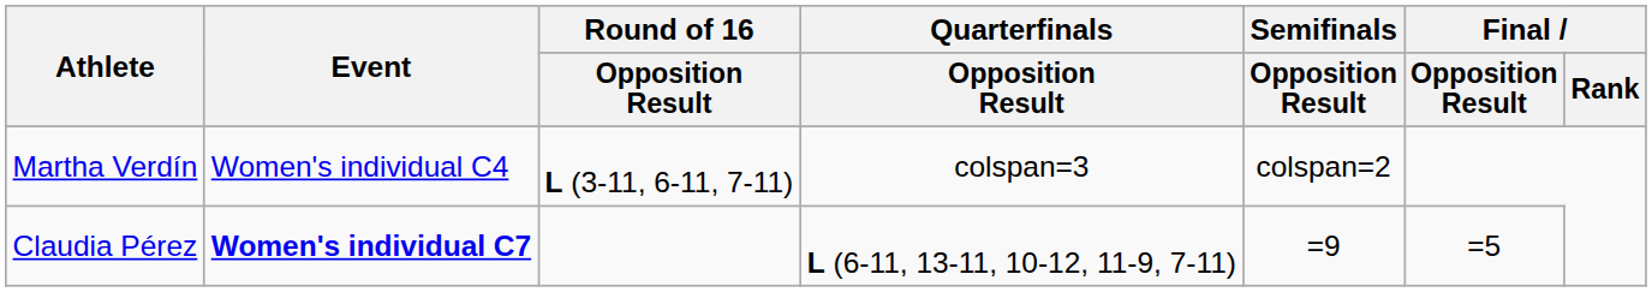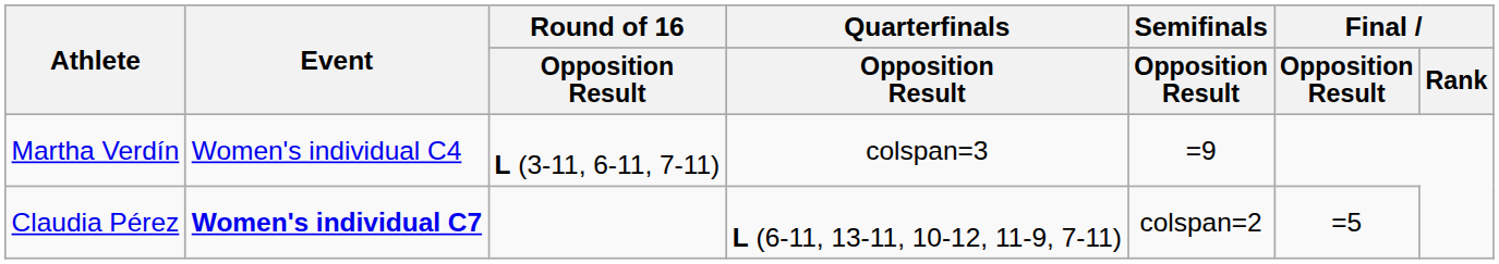 <table class="wikitable" style="font-size:90%;">
 <tr>
 <th rowspan=2>Athlete</th>
 <th rowspan=2>Event</th>
 <th>Round of 16</th>
 <th>Quarterfinals</th>
 <th>Semifinals</th>
 <th colspan=2>Final / </th>
 </tr>
 <tr style="font-size:95%">
 <th>Opposition<br>Result</th>
 <th>Opposition<br>Result</th>
 <th>Opposition<br>Result</th>
 <th>Opposition<br>Result</th>
 <th>Rank</th>
 </tr>
 <tr align=center>
 <td align=left><a href='#'>Martha Verdín</a></td>
 <td align=left><a href='#'>Women's individual C4</a></td>
 <td><br><strong>L</strong> (3-11, 6-11, 7-11)</td>
 <td>colspan=3</td>
-<td>colspan=2</td>
+<td>=9</td>
 </tr>
 <tr align=center>
 <td align=left><a href='#'>Claudia Pérez</a></td>
 <td align=left><strong><a href='#'>Women's individual C7</a></strong></td>
 <td></td>
 <td><br><strong>L</strong> (6-11, 13-11, 10-12, 11-9, 7-11)</td>
-<td>=9</td>
+<td>colspan=2</td>
 <td>=5</td>
 </tr>
 </table>
